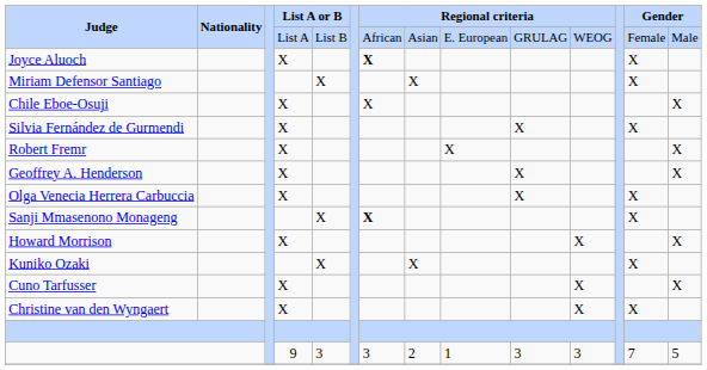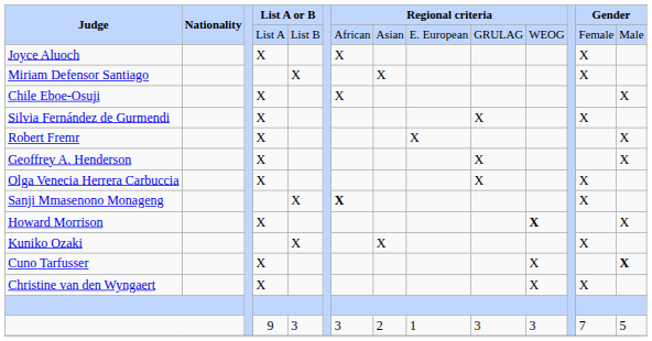 <table class="wikitable col3center col4center col5center col6center col7center col8center col9center col10center col11center">
 <tr bgcolor=#BFD7FF align="center" style="font-size:90%;">
 <td rowspan=2><strong>Judge</strong></td>
 <td rowspan=2><strong>Nationality</strong></td>
 <td rowspan=16> </td>
 <td colspan=2><strong>List A or B</strong></td>
 <td rowspan=16> </td>
 <td colspan=5><strong>Regional criteria</strong></td>
 <td rowspan=16> </td>
 <td colspan=2><strong>Gender</strong></td>
 </tr>
 <tr bgcolor=#BFD7FF align="center" style="font-size:90%;">
 <td>List A</td>
 <td>List B</td>
 <td>African</td>
 <td>Asian</td>
 <td>E. European</td>
 <td>GRULAG</td>
 <td>WEOG</td>
 <td>Female</td>
 <td>Male</td>
 </tr>
 <tr>
 <td><a href='#'>Joyce Aluoch</a></td>
 <td></td>
 <td>X</td>
 <td></td>
-<td><strong>X</strong></td>
+<td>X</td>
 <td></td>
 <td></td>
 <td></td>
 <td></td>
 <td>X</td>
 <td></td>
 </tr>
 <tr>
 <td><a href='#'>Miriam Defensor Santiago</a></td>
 <td></td>
 <td></td>
 <td>X</td>
 <td></td>
 <td>X</td>
 <td></td>
 <td></td>
 <td></td>
 <td>X</td>
 <td></td>
 </tr>
 <tr>
 <td><a href='#'>Chile Eboe-Osuji</a></td>
 <td></td>
 <td>X</td>
 <td></td>
 <td>X</td>
 <td></td>
 <td></td>
 <td></td>
 <td></td>
 <td></td>
 <td>X</td>
 </tr>
 <tr>
 <td><a href='#'>Silvia Fernández de Gurmendi</a></td>
 <td></td>
 <td>X</td>
 <td></td>
 <td></td>
 <td></td>
 <td></td>
 <td>X</td>
 <td></td>
 <td>X</td>
 <td></td>
 </tr>
 <tr>
 <td><a href='#'>Robert Fremr</a></td>
 <td></td>
 <td>X</td>
 <td></td>
 <td></td>
 <td></td>
 <td>X</td>
 <td></td>
 <td></td>
 <td></td>
 <td>X</td>
 </tr>
 <tr>
 <td><a href='#'>Geoffrey A. Henderson</a></td>
 <td></td>
 <td>X</td>
 <td></td>
 <td></td>
 <td></td>
 <td></td>
 <td>X</td>
 <td></td>
 <td></td>
 <td>X</td>
 </tr>
 <tr>
 <td><a href='#'>Olga Venecia Herrera Carbuccia</a></td>
 <td></td>
 <td>X</td>
 <td></td>
 <td></td>
 <td></td>
 <td></td>
 <td>X</td>
 <td></td>
 <td>X</td>
 <td></td>
 </tr>
 <tr>
 <td><a href='#'>Sanji Mmasenono Monageng</a></td>
 <td></td>
 <td></td>
 <td>X</td>
 <td><strong>X</strong></td>
 <td></td>
 <td></td>
 <td></td>
 <td></td>
 <td>X</td>
 <td></td>
 </tr>
 <tr>
 <td><a href='#'>Howard Morrison</a></td>
 <td></td>
 <td>X</td>
 <td></td>
 <td></td>
 <td></td>
 <td></td>
 <td></td>
-<td>X</td>
+<td><strong>X</strong></td>
 <td></td>
 <td>X</td>
 </tr>
 <tr>
 <td><a href='#'>Kuniko Ozaki</a></td>
 <td></td>
 <td></td>
 <td>X</td>
 <td></td>
 <td>X</td>
 <td></td>
 <td></td>
 <td></td>
 <td>X</td>
 <td></td>
 </tr>
 <tr>
 <td><a href='#'>Cuno Tarfusser</a></td>
 <td></td>
 <td>X</td>
 <td></td>
 <td></td>
 <td></td>
 <td></td>
 <td></td>
 <td>X</td>
 <td></td>
-<td>X</td>
+<td><strong>X</strong></td>
 </tr>
 <tr>
 <td><a href='#'>Christine van den Wyngaert</a></td>
 <td></td>
 <td>X</td>
 <td></td>
 <td></td>
 <td></td>
 <td></td>
 <td></td>
 <td>X</td>
 <td>X</td>
 <td></td>
 </tr>
 <tr bgcolor=#BFD7FF align="center" style="font-size:90%;">
 <td colspan=2> </td>
 <td colspan=2> </td>
 <td colspan=5> </td>
 <td colspan=2> </td>
 </tr>
 <tr>
 <td colspan=2></td>
 <td align="center">9</td>
 <td>3</td>
 <td>3</td>
 <td>2</td>
 <td>1</td>
 <td>3</td>
 <td>3</td>
 <td>7</td>
 <td>5</td>
 </tr>
 <tr>
 </tr>
 </table>
